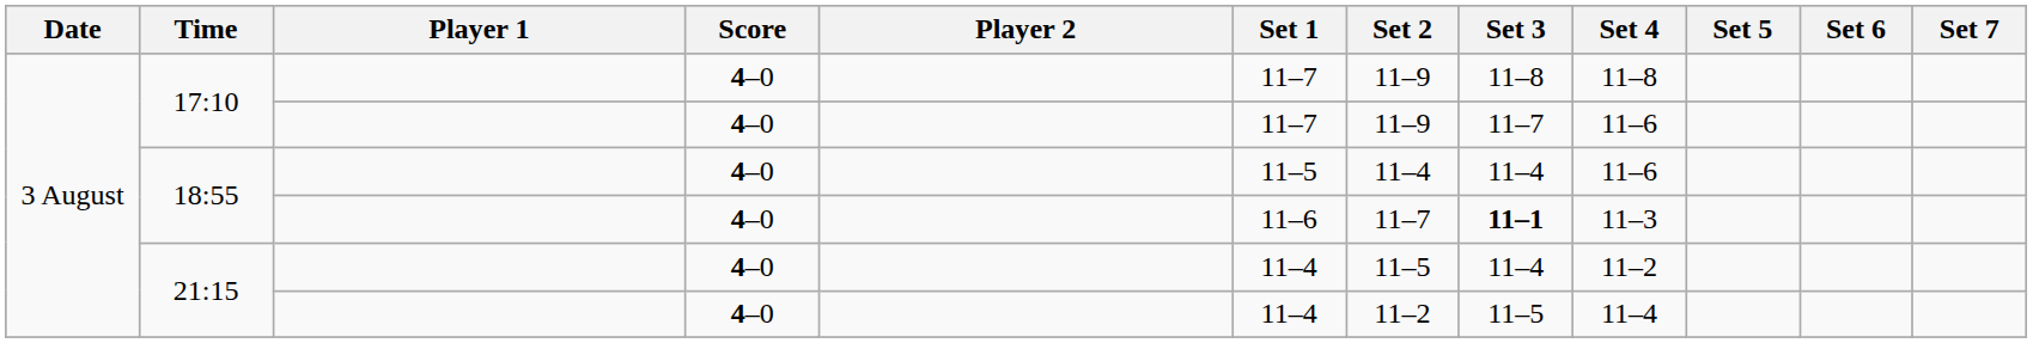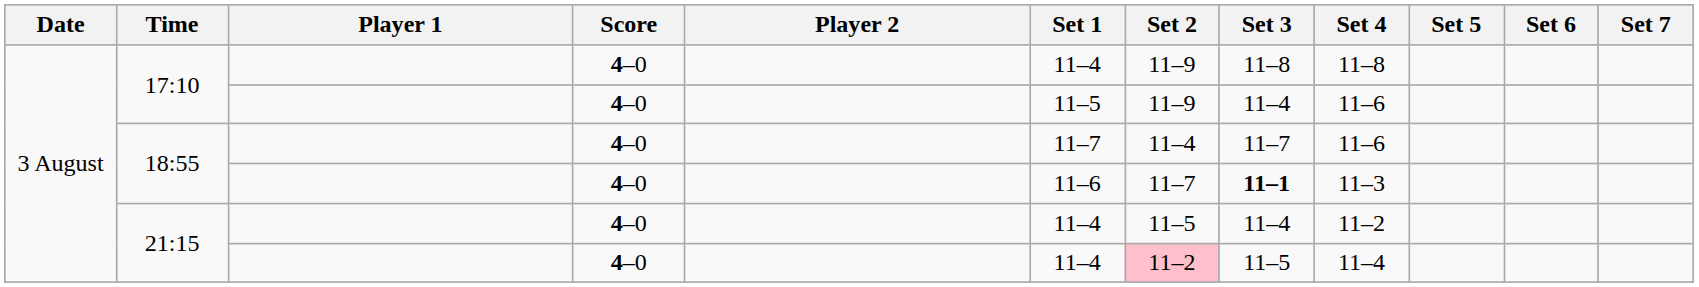 <table class="wikitable" style="text-align: center; font-size:90% ">
 <tr>
 <th width="60">Date</th>
 <th width="60">Time</th>
 <th align="right" width="200">Player 1</th>
 <th width="60">Score</th>
 <th align="left" width="200">Player 2</th>
 <th width="50">Set 1</th>
 <th width="50">Set 2</th>
 <th width="50">Set 3</th>
 <th width="50">Set 4</th>
 <th width="50">Set 5</th>
 <th width="50">Set 6</th>
 <th width="50">Set 7</th>
 </tr>
 <tr>
 <td rowspan=6>3 August</td>
 <td rowspan=2>17:10</td>
 <td align=left><strong></strong></td>
 <td align=center><strong>4</strong>–0</td>
 <td align=left></td>
-<td>11–7</td>
+<td>11–4</td>
 <td>11–9</td>
 <td>11–8</td>
 <td>11–8</td>
 <td></td>
 <td></td>
 <td></td>
 </tr>
 <tr>
 <td align=left><strong></strong></td>
 <td align=center><strong>4</strong>–0</td>
 <td align=left></td>
-<td>11–7</td>
+<td>11–5</td>
 <td>11–9</td>
-<td>11–7</td>
+<td>11–4</td>
 <td>11–6</td>
 <td></td>
 <td></td>
 <td></td>
 </tr>
 <tr>
 <td rowspan=2>18:55</td>
 <td align=left><strong></strong></td>
 <td align=center><strong>4</strong>–0</td>
 <td align=left></td>
-<td>11–5</td>
+<td>11–7</td>
 <td>11–4</td>
-<td>11–4</td>
+<td>11–7</td>
 <td>11–6</td>
 <td></td>
 <td></td>
 <td></td>
 </tr>
 <tr>
 <td align=left><strong></strong></td>
 <td align=center><strong>4</strong>–0</td>
 <td align=left></td>
 <td>11–6</td>
 <td>11–7</td>
 <td><strong>11–1</strong></td>
 <td>11–3</td>
 <td></td>
 <td></td>
 <td></td>
 </tr>
 <tr>
 <td rowspan=2>21:15</td>
 <td align=left><strong></strong></td>
 <td align=center><strong>4</strong>–0</td>
 <td align=left></td>
 <td>11–4</td>
 <td>11–5</td>
 <td>11–4</td>
 <td>11–2</td>
 <td></td>
 <td></td>
 <td></td>
 </tr>
 <tr>
 <td align=left><strong></strong></td>
 <td align=center><strong>4</strong>–0</td>
 <td align=left></td>
 <td>11–4</td>
-<td>11–2</td>
+<td style="background: pink;">11–2</td>
 <td>11–5</td>
 <td>11–4</td>
 <td></td>
 <td></td>
 <td></td>
 </tr>
 </table>
